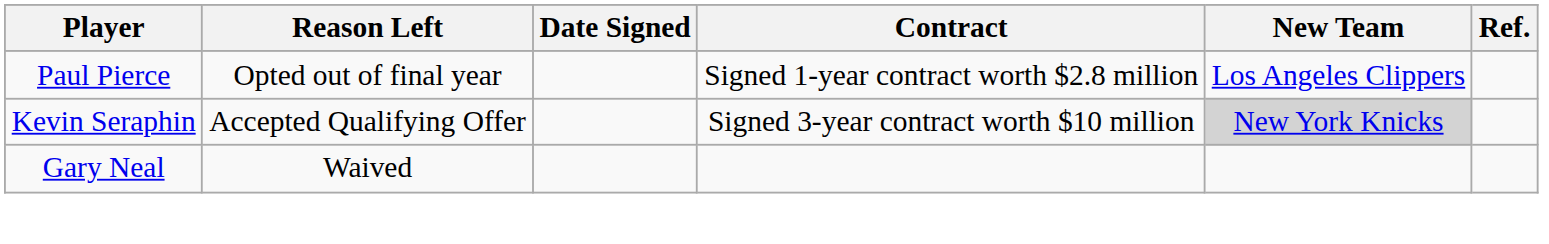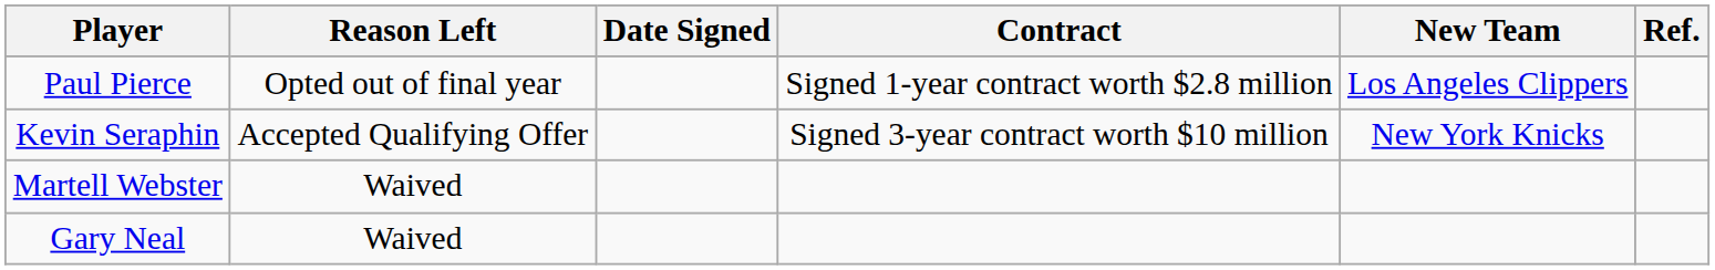 <table class="wikitable sortable sortable">
 <tr>
 <th>Player</th>
 <th>Reason Left</th>
 <th>Date Signed</th>
 <th>Contract</th>
 <th>New Team</th>
 <th>Ref.</th>
 </tr>
 <tr style="text-align: center">
 <td><a href='#'>Paul Pierce</a></td>
 <td>Opted out of final year</td>
 <td></td>
 <td>Signed 1-year contract worth $2.8 million</td>
 <td><a href='#'>Los Angeles Clippers</a></td>
 <td></td>
 </tr>
 <tr style="text-align: center">
 <td><a href='#'>Kevin Seraphin</a></td>
 <td>Accepted Qualifying Offer</td>
 <td></td>
 <td>Signed 3-year contract worth $10 million</td>
-<td style="background: lightgrey;"><a href='#'>New York Knicks</a></td>
+<td><a href='#'>New York Knicks</a></td>
+<td></td>
+</tr>
+<tr style="text-align: center">
+<td><a href='#'>Martell Webster</a></td>
+<td>Waived</td>
+<td></td>
+<td></td>
+<td></td>
 <td></td>
 </tr>
 <tr style="text-align: center">
 <td><a href='#'>Gary Neal</a></td>
 <td>Waived</td>
 <td></td>
 <td></td>
 <td></td>
 <td></td>
 </tr>
 </table>
